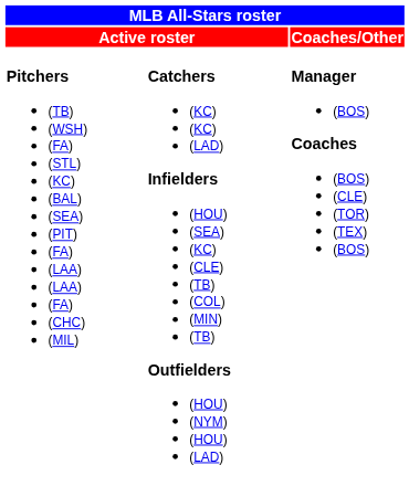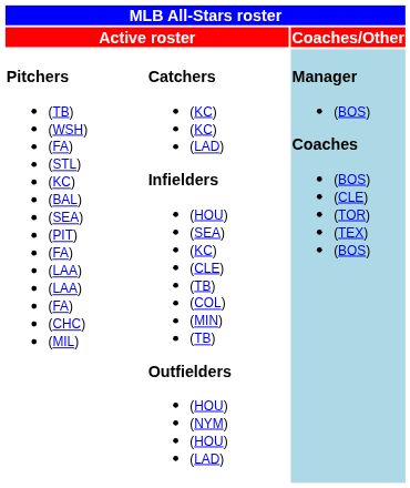 <table class="toccolours" style="font-size: 95%;">
 <tr>
 <th colspan="10" style="background-color: #0000FF; color: #FFFFFF; text-align: center;">MLB All-Stars roster</th>
 </tr>
 <tr>
 <td colspan="4" style="background-color: #FF0000; color: #FFFFFF; text-align: center;"><strong>Active roster</strong></td>
 <td colspan="1" style="background-color: #FF0000; color: #FFFFFF; text-align: center;"><strong>Coaches/Other</strong></td>
 </tr>
 <tr>
 <td style="vertical-align:top;"><br><strong>Pitchers</strong><br><ul><li> <small>(<a href='#'>TB</a>)</small></li><li> <small>(<a href='#'>WSH</a>)</small></li><li> <small>(<a href='#'>FA</a>)</small></li><li> <small>(<a href='#'>STL</a>)</small></li><li> <small>(<a href='#'>KC</a>)</small></li><li> <small>(<a href='#'>BAL</a>)</small></li><li> <small>(<a href='#'>SEA</a>)</small></li><li> <small>(<a href='#'>PIT</a>)</small></li><li> <small>(<a href='#'>FA</a>)</small></li><li> <small>(<a href='#'>LAA</a>)</small></li><li> <small>(<a href='#'>LAA</a>)</small></li><li> <small>(<a href='#'>FA</a>)</small></li><li> <small>(<a href='#'>CHC</a>)</small></li><li> <small>(<a href='#'>MIL</a>)</small></li></ul></td>
 <td width="50px"> </td>
 <td style="vertical-align:top;"><br><strong>Catchers</strong><br><ul><li> <small>(<a href='#'>KC</a>)</small></li><li> <small>(<a href='#'>KC</a>)</small></li><li> <small>(<a href='#'>LAD</a>)</small></li></ul><strong>Infielders</strong><br><ul><li> <small>(<a href='#'>HOU</a>)</small></li><li> <small>(<a href='#'>SEA</a>)</small></li><li> <small>(<a href='#'>KC</a>)</small></li><li> <small>(<a href='#'>CLE</a>)</small></li><li> <small>(<a href='#'>TB</a>)</small></li><li> <small>(<a href='#'>COL</a>)</small></li><li> <small>(<a href='#'>MIN</a>)</small></li><li> <small>(<a href='#'>TB</a>)</small></li></ul><strong>Outfielders</strong><br><ul><li> <small>(<a href='#'>HOU</a>)</small></li><li> <small>(<a href='#'>NYM</a>)</small></li><li> <small>(<a href='#'>HOU</a>)</small></li><li> <small>(<a href='#'>LAD</a>)</small></li></ul></td>
 <td width="50"> </td>
-<td style="vertical-align:top;"><br><strong>Manager</strong><br><ul><li> <small>(<a href='#'>BOS</a>)</small></li></ul><strong>Coaches</strong><br><ul><li> <small>(<a href='#'>BOS</a>)</small></li><li> <small>(<a href='#'>CLE</a>)</small></li><li> <small>(<a href='#'>TOR</a>)</small></li><li> <small>(<a href='#'>TEX</a>)</small></li><li> <small>(<a href='#'>BOS</a>)</small></li></ul></td>
+<td style="background: lightblue; vertical-align:top;"><br><strong>Manager</strong><br><ul><li> <small>(<a href='#'>BOS</a>)</small></li></ul><strong>Coaches</strong><br><ul><li> <small>(<a href='#'>BOS</a>)</small></li><li> <small>(<a href='#'>CLE</a>)</small></li><li> <small>(<a href='#'>TOR</a>)</small></li><li> <small>(<a href='#'>TEX</a>)</small></li><li> <small>(<a href='#'>BOS</a>)</small></li></ul></td>
 </tr>
 </table>
